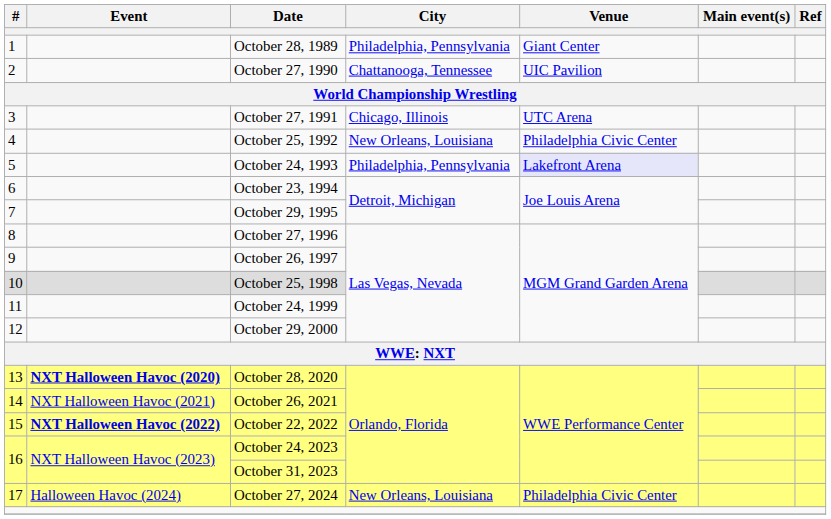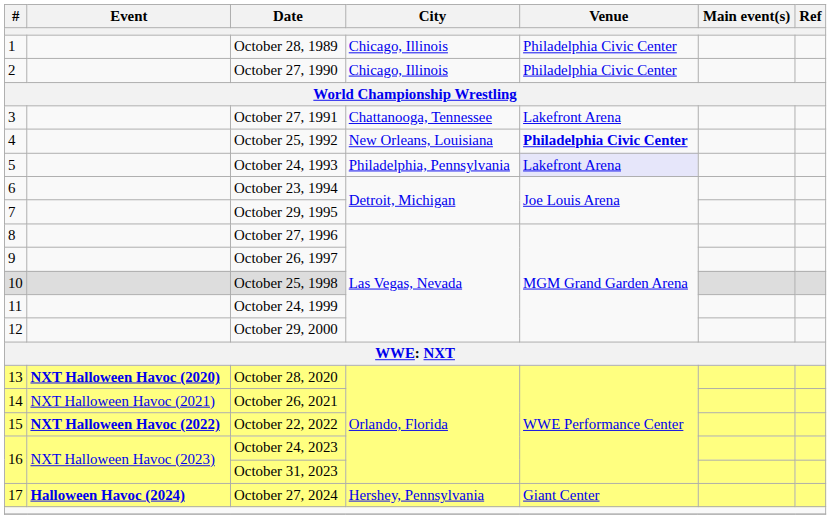 <table class="wikitable sortable" style="align: center" width=100%>
 <tr>
 <th>#</th>
 <th>Event</th>
 <th>Date</th>
 <th>City</th>
 <th>Venue</th>
 <th class="unsortable">Main event(s)</th>
 <th class="unsortable">Ref</th>
 </tr>
 <tr>
 <th colspan=7></th>
 </tr>
 <tr>
 <td>1</td>
 <td></td>
 <td>October 28, 1989</td>
-<td><a href='#'>Philadelphia, Pennsylvania</a></td>
-<td><a href='#'>Giant Center</a></td>
+<td><a href='#'>Chicago, Illinois</a></td>
+<td><a href='#'>Philadelphia Civic Center</a></td>
 <td></td>
 <td></td>
 </tr>
 <tr>
 <td>2</td>
 <td></td>
 <td>October 27, 1990</td>
-<td><a href='#'>Chattanooga, Tennessee</a></td>
-<td><a href='#'>UIC Pavilion</a></td>
+<td><a href='#'>Chicago, Illinois</a></td>
+<td><a href='#'>Philadelphia Civic Center</a></td>
 <td></td>
 <td></td>
 </tr>
 <tr>
 <th colspan=7><a href='#'>World Championship Wrestling</a></th>
 </tr>
 <tr>
 <td>3</td>
 <td></td>
 <td>October 27, 1991</td>
-<td><a href='#'>Chicago, Illinois</a></td>
-<td><a href='#'>UTC Arena</a></td>
+<td><a href='#'>Chattanooga, Tennessee</a></td>
+<td><a href='#'>Lakefront Arena</a></td>
 <td></td>
 <td></td>
 </tr>
 <tr>
 <td>4</td>
 <td></td>
 <td>October 25, 1992</td>
 <td><a href='#'>New Orleans, Louisiana</a></td>
-<td><a href='#'>Philadelphia Civic Center</a></td>
+<td><strong><a href='#'>Philadelphia Civic Center</a></strong></td>
 <td></td>
 <td></td>
 </tr>
 <tr>
 <td>5</td>
 <td></td>
 <td>October 24, 1993</td>
 <td><a href='#'>Philadelphia, Pennsylvania</a></td>
 <td style="background: lavender;"><a href='#'>Lakefront Arena</a></td>
 <td></td>
 <td></td>
 </tr>
 <tr>
 <td>6</td>
 <td></td>
 <td>October 23, 1994</td>
 <td rowspan="2"><a href='#'>Detroit, Michigan</a></td>
 <td rowspan="2"><a href='#'>Joe Louis Arena</a></td>
 <td></td>
 <td></td>
 </tr>
 <tr>
 <td>7</td>
 <td></td>
 <td>October 29, 1995</td>
 <td></td>
 <td></td>
 </tr>
 <tr>
 <td>8</td>
 <td></td>
 <td>October 27, 1996</td>
 <td rowspan="5"><a href='#'>Las Vegas, Nevada</a></td>
 <td rowspan="5"><a href='#'>MGM Grand Garden Arena</a></td>
 <td></td>
 <td></td>
 </tr>
 <tr>
 <td>9</td>
 <td></td>
 <td>October 26, 1997</td>
 <td></td>
 <td></td>
 </tr>
 <tr bgcolor="#ddd">
 <td>10</td>
 <td></td>
 <td>October 25, 1998</td>
 <td></td>
 <td></td>
 </tr>
 <tr>
 <td>11</td>
 <td></td>
 <td>October 24, 1999</td>
 <td></td>
 <td></td>
 </tr>
 <tr>
 <td>12</td>
 <td></td>
 <td>October 29, 2000</td>
 <td></td>
 <td></td>
 </tr>
 <tr>
 <th colspan=7><a href='#'>WWE</a>: <a href='#'>NXT</a></th>
 </tr>
 <tr style="background: #FFFF80;">
 <td>13</td>
 <td><strong><a href='#'>NXT Halloween Havoc (2020)</a></strong></td>
 <td>October 28, 2020</td>
 <td rowspan="5"><a href='#'>Orlando, Florida</a></td>
 <td rowspan="5"><a href='#'>WWE Performance Center</a></td>
 <td></td>
 <td></td>
 </tr>
 <tr style="background: #FFFF80;">
 <td>14</td>
 <td><a href='#'>NXT Halloween Havoc (2021)</a></td>
 <td>October 26, 2021</td>
 <td></td>
 <td></td>
 </tr>
 <tr style="background: #FFFF80;">
 <td>15</td>
 <td><strong><a href='#'>NXT Halloween Havoc (2022)</a></strong></td>
 <td>October 22, 2022</td>
 <td></td>
 <td></td>
 </tr>
 <tr style="background: #FFFF80;">
 <td rowspan="2">16</td>
 <td rowspan="2"><a href='#'>NXT Halloween Havoc (2023)</a></td>
 <td>October 24, 2023</td>
 <td></td>
 <td></td>
 </tr>
 <tr style="background: #FFFF80;">
 <td>October 31, 2023</td>
 <td></td>
 <td></td>
 </tr>
 <tr style="background: #FFFF80;">
 <td>17</td>
-<td><a href='#'>Halloween Havoc (2024)</a></td>
+<td><strong><a href='#'>Halloween Havoc (2024)</a></strong></td>
 <td>October 27, 2024</td>
-<td><a href='#'>New Orleans, Louisiana</a></td>
-<td><a href='#'>Philadelphia Civic Center</a></td>
+<td><a href='#'>Hershey, Pennsylvania</a></td>
+<td><a href='#'>Giant Center</a></td>
 <td></td>
 <td></td>
 </tr>
 <tr>
 <td colspan="11"></td>
 </tr>
 <tr>
 </tr>
 </table>
